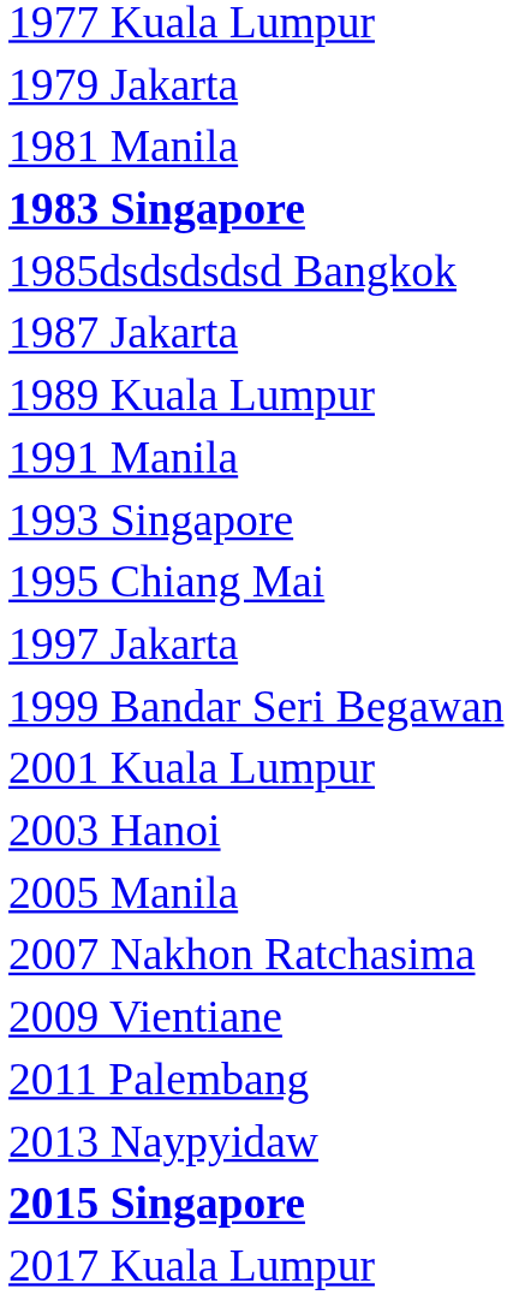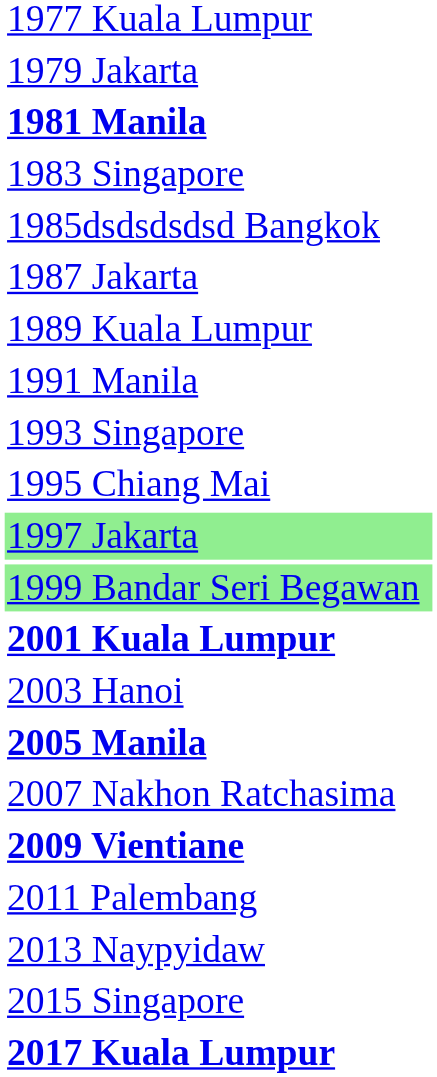 <table>
 <tr>
 <td width=180><a href='#'>1977 Kuala Lumpur</a> <br> </td>
 <td width=170></td>
 <td></td>
 <td width=170></td>
 <td></td>
 <td width=170></td>
 <td></td>
 </tr>
 <tr>
 <td><a href='#'>1979 Jakarta</a> <br> </td>
 <td></td>
 <td></td>
 <td></td>
 <td></td>
 <td></td>
 <td></td>
 </tr>
 <tr>
-<td><a href='#'>1981 Manila</a> <br> </td>
+<td><strong><a href='#'>1981 Manila</a> <br> </strong></td>
 <td></td>
 <td></td>
 <td></td>
 <td></td>
 <td></td>
 <td></td>
 </tr>
 <tr>
-<td><strong><a href='#'>1983 Singapore</a> <br> </strong></td>
+<td><a href='#'>1983 Singapore</a> <br> </td>
 <td></td>
 <td></td>
 <td></td>
 <td></td>
 <td></td>
 <td></td>
 </tr>
 <tr>
 <td><a href='#'>1985dsdsdsdsd Bangkok</a> <br> </td>
 <td></td>
 <td></td>
 <td></td>
 <td></td>
 <td></td>
 <td></td>
 </tr>
 <tr>
 <td><a href='#'>1987 Jakarta</a> <br> </td>
 <td></td>
 <td></td>
 <td></td>
 <td></td>
 <td></td>
 <td></td>
 </tr>
 <tr>
 <td><a href='#'>1989 Kuala Lumpur</a> <br> </td>
 <td></td>
 <td></td>
 <td></td>
 <td></td>
 <td></td>
 <td></td>
 </tr>
 <tr>
 <td><a href='#'>1991 Manila</a> <br> </td>
 <td></td>
 <td></td>
 <td></td>
 <td></td>
 <td></td>
 <td></td>
 </tr>
 <tr>
 <td><a href='#'>1993 Singapore</a> <br> </td>
 <td></td>
 <td></td>
 <td></td>
 <td></td>
 <td></td>
 <td></td>
 </tr>
 <tr>
 <td><a href='#'>1995 Chiang Mai</a> <br> </td>
 <td></td>
 <td></td>
 <td></td>
 <td></td>
 <td></td>
 <td></td>
 </tr>
 <tr>
-<td><a href='#'>1997 Jakarta</a> <br> </td>
+<td style="background: lightgreen;"><a href='#'>1997 Jakarta</a> <br> </td>
 <td></td>
 <td></td>
 <td></td>
 <td></td>
 <td></td>
 <td></td>
 </tr>
 <tr>
-<td><a href='#'>1999 Bandar Seri Begawan</a> <br> </td>
+<td style="background: lightgreen;"><a href='#'>1999 Bandar Seri Begawan</a> <br> </td>
 <td></td>
 <td></td>
 <td></td>
 <td></td>
 <td></td>
 <td></td>
 </tr>
 <tr>
-<td><a href='#'>2001 Kuala Lumpur</a> <br> </td>
+<td><strong><a href='#'>2001 Kuala Lumpur</a> <br> </strong></td>
 <td></td>
 <td></td>
 <td></td>
 <td></td>
 <td></td>
 <td></td>
 </tr>
 <tr>
 <td><a href='#'>2003 Hanoi</a> <br> </td>
 <td></td>
 <td></td>
 <td></td>
 <td></td>
 <td></td>
 <td></td>
 </tr>
 <tr>
-<td><a href='#'>2005 Manila</a> <br> </td>
+<td><strong><a href='#'>2005 Manila</a> <br> </strong></td>
 <td></td>
 <td></td>
 <td></td>
 <td></td>
 <td></td>
 <td></td>
 </tr>
 <tr>
 <td><a href='#'>2007 Nakhon Ratchasima</a> <br> </td>
 <td></td>
 <td></td>
 <td></td>
 <td></td>
 <td></td>
 <td></td>
 </tr>
 <tr>
-<td><a href='#'>2009 Vientiane</a> <br> </td>
+<td><strong><a href='#'>2009 Vientiane</a> <br> </strong></td>
 <td></td>
 <td></td>
 <td></td>
 <td></td>
 <td></td>
 <td></td>
 </tr>
 <tr>
 <td><a href='#'>2011 Palembang</a> <br> </td>
 <td></td>
 <td></td>
 <td></td>
 <td></td>
 <td></td>
 <td></td>
 </tr>
 <tr>
 <td><a href='#'>2013 Naypyidaw</a> <br> </td>
 <td></td>
 <td></td>
 <td></td>
 <td></td>
 <td></td>
 <td></td>
 </tr>
 <tr>
-<td><strong><a href='#'>2015 Singapore</a> <br> </strong></td>
+<td><a href='#'>2015 Singapore</a> <br> </td>
 <td></td>
 <td></td>
 <td></td>
 <td></td>
 <td></td>
 <td></td>
 </tr>
 <tr>
-<td><a href='#'>2017 Kuala Lumpur</a> <br> </td>
+<td><strong><a href='#'>2017 Kuala Lumpur</a> <br> </strong></td>
 <td></td>
 <td></td>
 <td></td>
 <td></td>
 <td></td>
 <td></td>
 </tr>
 <tr>
 </tr>
 </table>
